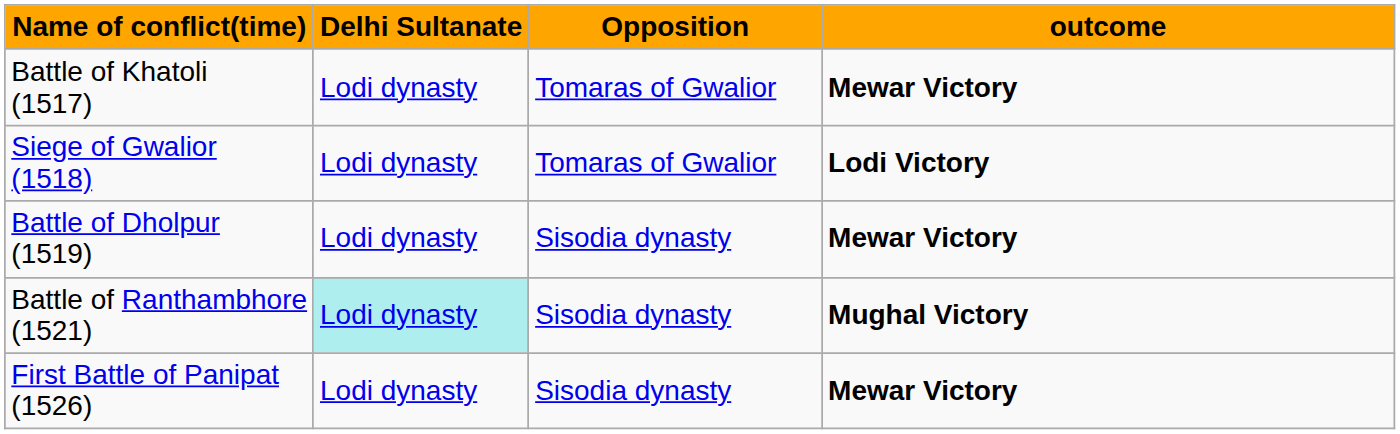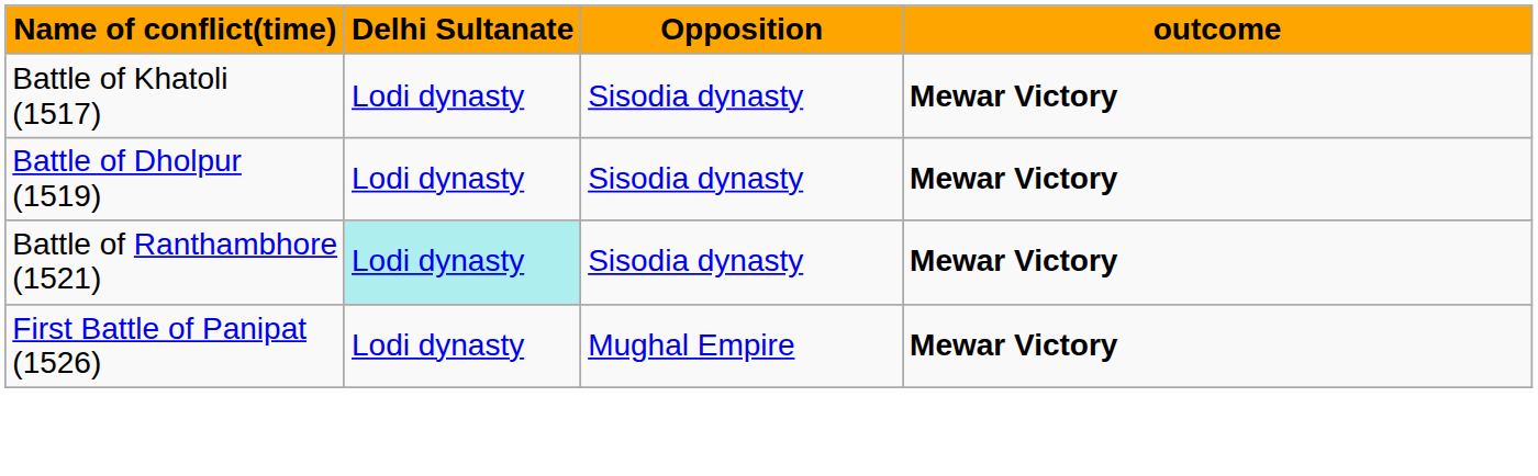 <table class="wikitable">
 <tr>
 <th style="background:orange;"><span>Name of conflict(time)</span></th>
 <th style="background:orange;widh:160px;"><span>Delhi Sultanate</span></th>
 <th style="background:orange;width:160px;"><span> Opposition</span></th>
 <th style="background:orange;width:320px;"><span> outcome</span></th>
 </tr>
 <tr>
 <td>Battle of Khatoli<br>(1517)</td>
 <td><a href='#'>Lodi dynasty</a></td>
-<td><a href='#'>Tomaras of Gwalior</a></td>
+<td><a href='#'>Sisodia dynasty</a></td>
 <td><strong>Mewar Victory</strong></td>
-</tr>
-<tr>
-<td><a href='#'>Siege of Gwalior</a><br><a href='#'>(1518)</a></td>
-<td><a href='#'>Lodi dynasty</a></td>
-<td><a href='#'>Tomaras of Gwalior</a></td>
-<td><strong>Lodi Victory</strong></td>
 </tr>
 <tr>
 <td><a href='#'>Battle of Dholpur</a><br>(1519)</td>
 <td><a href='#'>Lodi dynasty</a></td>
 <td><a href='#'>Sisodia dynasty</a></td>
 <td><strong>Mewar Victory</strong></td>
 </tr>
 <tr>
 <td>Battle of <a href='#'>Ranthambhore</a><br>(1521)</td>
 <td style="background: paleturquoise;"><a href='#'>Lodi dynasty</a></td>
 <td><a href='#'>Sisodia dynasty</a></td>
-<td><strong>Mughal Victory</strong></td>
+<td><strong>Mewar Victory</strong></td>
 </tr>
 <tr>
 <td><a href='#'>First Battle of Panipat</a><br>(1526)</td>
 <td><a href='#'>Lodi dynasty</a></td>
-<td><a href='#'>Sisodia dynasty</a></td>
+<td><a href='#'>Mughal Empire</a></td>
 <td><strong>Mewar Victory</strong></td>
 </tr>
 </table>
